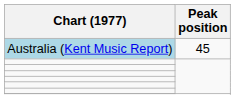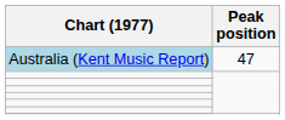 <table class="wikitable sortable">
 <tr>
 <th align="left">Chart (1977)</th>
 <th align="center">Peak<br>position</th>
 </tr>
 <tr>
 <td align="left" style="background: lightblue;">Australia (<a href='#'>Kent Music Report</a>)</td>
-<td style="text-align:center;">45</td>
+<td style="text-align:center;">47</td>
 </tr>
 <tr>
 <td></td>
 </tr>
 <tr>
 <td></td>
 </tr>
 <tr>
 <td></td>
 </tr>
 <tr>
 <td></td>
 </tr>
 <tr>
 <td></td>
 </tr>
 <tr>
 <td></td>
 </tr>
 <tr>
 </tr>
 </table>
